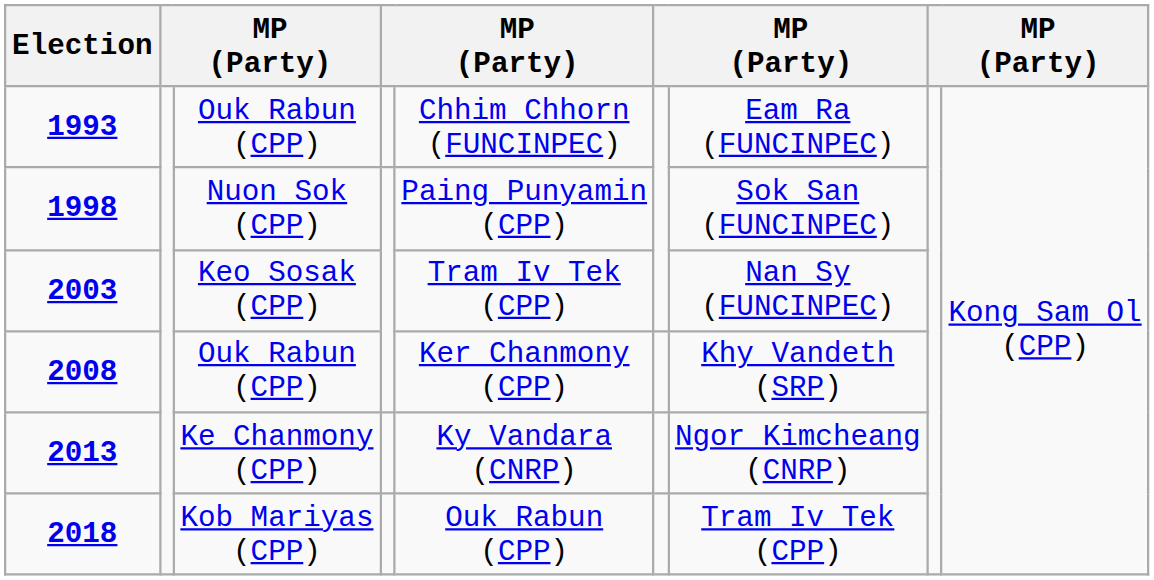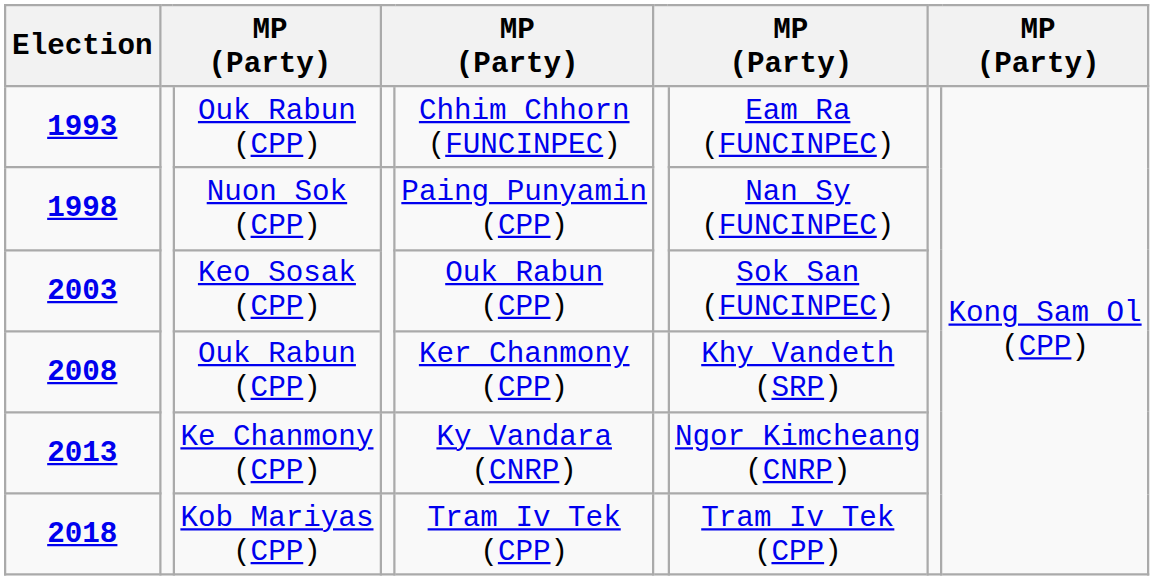 <table class="wikitable" style="text-align:center">
 <tr>
 <th>Election</th>
 <th colspan=2>MP<br>(Party)</th>
 <th colspan=2>MP<br>(Party)</th>
 <th colspan=2>MP<br>(Party)</th>
 <th colspan=2>MP<br>(Party)</th>
 </tr>
 <tr>
 <td><strong><a href='#'>1993</a></strong></td>
 <td rowspan=6; style="background-color: "></td>
 <td rowspan=1><a href='#'>Ouk Rabun</a><br>(<a href='#'>CPP</a>)</td>
 <td rowspan=1; style="background-color: "></td>
 <td rowspan=1><a href='#'>Chhim Chhorn</a><br>(<a href='#'>FUNCINPEC</a>)</td>
 <td rowspan=3; style="background-color: "></td>
 <td rowspan=1><a href='#'>Eam Ra</a><br>(<a href='#'>FUNCINPEC</a>)</td>
 <td rowspan=6; style="background-color: "></td>
 <td rowspan=6><a href='#'>Kong Sam Ol</a><br>(<a href='#'>CPP</a>)</td>
 </tr>
 <tr>
 <td><strong><a href='#'>1998</a></strong></td>
 <td rowspan=1><a href='#'>Nuon Sok</a><br>(<a href='#'>CPP</a>)</td>
 <td rowspan=3; style="background-color: "></td>
 <td rowspan=1><a href='#'>Paing Punyamin</a><br>(<a href='#'>CPP</a>)</td>
-<td rowspan=1><a href='#'>Sok San</a><br>(<a href='#'>FUNCINPEC</a>)</td>
+<td rowspan=1><a href='#'>Nan Sy</a><br>(<a href='#'>FUNCINPEC</a>)</td>
 </tr>
 <tr>
 <td><strong><a href='#'>2003</a></strong></td>
 <td rowspan=1><a href='#'>Keo Sosak</a><br>(<a href='#'>CPP</a>)</td>
-<td rowspan=1><a href='#'>Tram Iv Tek</a><br>(<a href='#'>CPP</a>)</td>
-<td rowspan=1><a href='#'>Nan Sy</a><br>(<a href='#'>FUNCINPEC</a>)</td>
+<td rowspan=1><a href='#'>Ouk Rabun</a><br>(<a href='#'>CPP</a>)</td>
+<td rowspan=1><a href='#'>Sok San</a><br>(<a href='#'>FUNCINPEC</a>)</td>
 </tr>
 <tr>
 <td><strong><a href='#'>2008</a></strong></td>
 <td rowspan=1><a href='#'>Ouk Rabun</a><br>(<a href='#'>CPP</a>)</td>
 <td rowspan=1><a href='#'>Ker Chanmony</a><br>(<a href='#'>CPP</a>)</td>
 <td rowspan=1; style="background-color: "></td>
 <td rowspan=1><a href='#'>Khy Vandeth</a><br>(<a href='#'>SRP</a>)</td>
 </tr>
 <tr>
 <td><strong><a href='#'>2013</a></strong></td>
 <td rowspan=1><a href='#'>Ke Chanmony</a><br>(<a href='#'>CPP</a>)</td>
 <td rowspan=1; style="background-color: "></td>
 <td rowspan=1><a href='#'>Ky Vandara</a><br>(<a href='#'>CNRP</a>)</td>
 <td rowspan=1; style="background-color: "></td>
 <td rowspan=1><a href='#'>Ngor Kimcheang</a><br>(<a href='#'>CNRP</a>)</td>
 </tr>
 <tr>
 <td><strong><a href='#'>2018</a></strong></td>
 <td rowspan=1><a href='#'>Kob Mariyas</a><br>(<a href='#'>CPP</a>)</td>
 <td rowspan=1; style="background-color: "></td>
-<td rowspan=1><a href='#'>Ouk Rabun</a><br>(<a href='#'>CPP</a>)</td>
+<td rowspan=1><a href='#'>Tram Iv Tek</a><br>(<a href='#'>CPP</a>)</td>
 <td rowspan=1; style="background-color: "></td>
 <td rowspan=1><a href='#'>Tram Iv Tek</a><br>(<a href='#'>CPP</a>)</td>
 </tr>
 </table>
